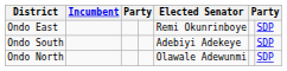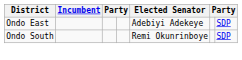 <table class="sortable wikitable" style="font-size:95%;line-height:14px;">
 <tr>
 <th class="unsortable">District</th>
 <th class="unsortable"><a href='#'>Incumbent</a></th>
 <th colspan="2">Party</th>
 <th class="unsortable">Elected Senator</th>
 <th colspan="2">Party</th>
 </tr>
 <tr>
 <td>Ondo East</td>
 <td></td>
 <td></td>
 <td></td>
-<td>Remi Okunrinboye</td>
+<td>Adebiyi Adekeye</td>
 <td style="background:"></td>
 <td><a href='#'>SDP</a></td>
 </tr>
 <tr>
 <td>Ondo South</td>
 <td></td>
 <td></td>
 <td></td>
-<td>Adebiyi Adekeye</td>
-<td style="background:"></td>
-<td><a href='#'>SDP</a></td>
-</tr>
-<tr>
-<td>Ondo North</td>
-<td></td>
-<td></td>
-<td></td>
-<td>Olawale Adewunmi</td>
+<td>Remi Okunrinboye</td>
 <td style="background:"></td>
 <td><a href='#'>SDP</a></td>
 </tr>
 </table>
